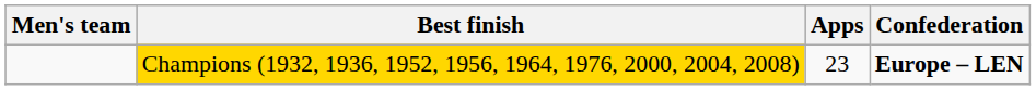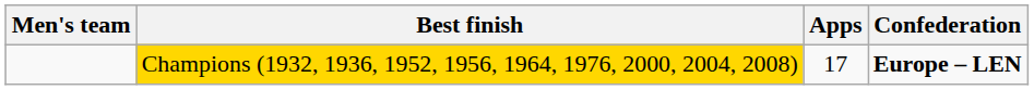 <table class="wikitable" style="text-align: center; font-size: 90%; margin-left: 1em;">
 <tr>
 <th>Men's team</th>
 <th>Best finish</th>
 <th>Apps</th>
 <th>Confederation</th>
 </tr>
 <tr>
 <td style="text-align: left;"></td>
 <td style="background-color: gold; text-align: left;">Champions (1932, 1936, 1952, 1956, 1964, 1976, 2000, 2004, 2008)</td>
-<td>23</td>
+<td>17</td>
 <td><strong>Europe – LEN</strong></td>
 </tr>
 </table>
